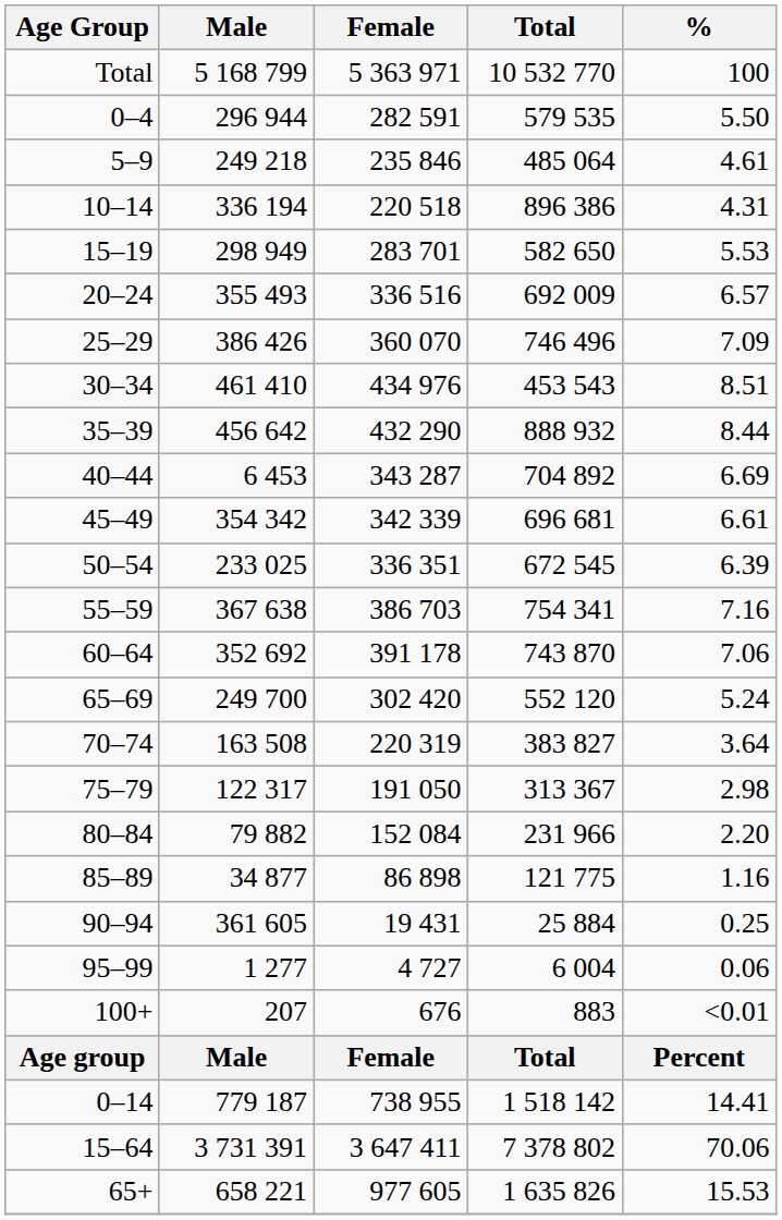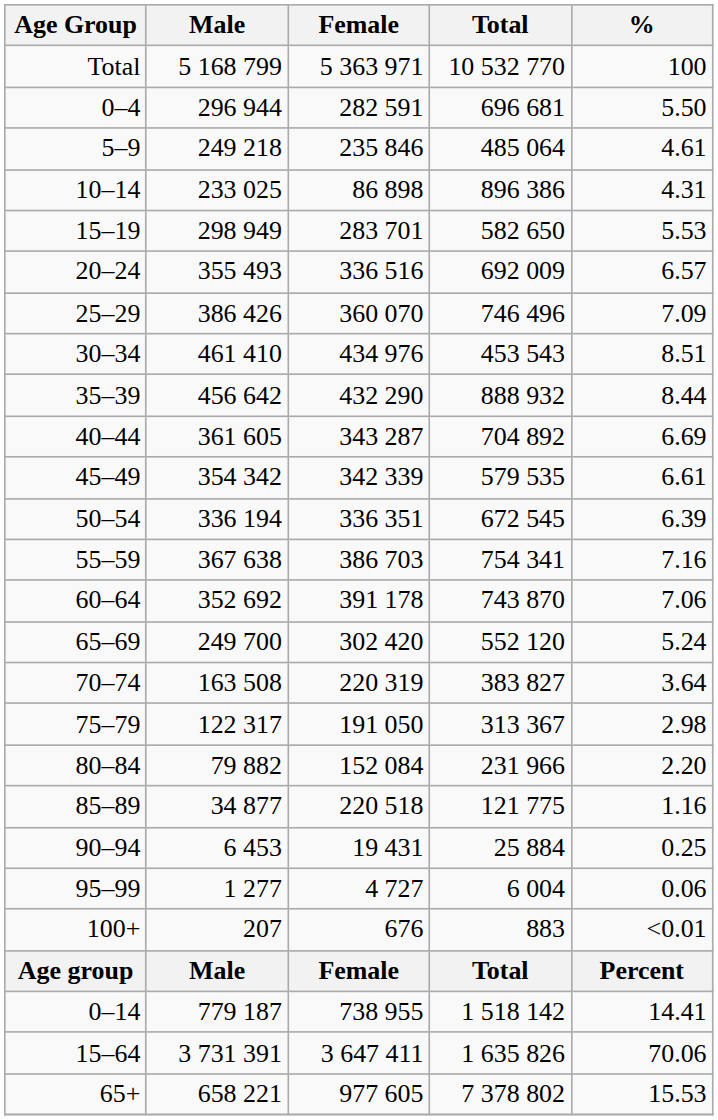 <table class="wikitable">
 <tr>
 <th width="80pt">Age Group</th>
 <th width="80pt">Male</th>
 <th width="80pt">Female</th>
 <th width="80pt">Total</th>
 <th width="80pt">%</th>
 </tr>
 <tr>
 <td align="right">Total</td>
 <td align="right">5 168 799</td>
 <td align="right">5 363 971</td>
 <td align="right">10 532 770</td>
 <td align="right">100</td>
 </tr>
 <tr>
 <td align="right">0–4</td>
 <td align="right">296 944</td>
 <td align="right">282 591</td>
-<td align="right">579 535</td>
+<td align="right">696 681</td>
 <td align="right">5.50</td>
 </tr>
 <tr>
 <td align="right">5–9</td>
 <td align="right">249 218</td>
 <td align="right">235 846</td>
 <td align="right">485 064</td>
 <td align="right">4.61</td>
 </tr>
 <tr>
 <td align="right">10–14</td>
-<td align="right">336 194</td>
-<td align="right">220 518</td>
+<td align="right">233 025</td>
+<td align="right">86 898</td>
 <td align="right">896 386</td>
 <td align="right">4.31</td>
 </tr>
 <tr>
 <td align="right">15–19</td>
 <td align="right">298 949</td>
 <td align="right">283 701</td>
 <td align="right">582 650</td>
 <td align="right">5.53</td>
 </tr>
 <tr>
 <td align="right">20–24</td>
 <td align="right">355 493</td>
 <td align="right">336 516</td>
 <td align="right">692 009</td>
 <td align="right">6.57</td>
 </tr>
 <tr>
 <td align="right">25–29</td>
 <td align="right">386 426</td>
 <td align="right">360 070</td>
 <td align="right">746 496</td>
 <td align="right">7.09</td>
 </tr>
 <tr>
 <td align="right">30–34</td>
 <td align="right">461 410</td>
 <td align="right">434 976</td>
 <td align="right">453 543</td>
 <td align="right">8.51</td>
 </tr>
 <tr>
 <td align="right">35–39</td>
 <td align="right">456 642</td>
 <td align="right">432 290</td>
 <td align="right">888 932</td>
 <td align="right">8.44</td>
 </tr>
 <tr>
 <td align="right">40–44</td>
-<td align="right">6 453</td>
+<td align="right">361 605</td>
 <td align="right">343 287</td>
 <td align="right">704 892</td>
 <td align="right">6.69</td>
 </tr>
 <tr>
 <td align="right">45–49</td>
 <td align="right">354 342</td>
 <td align="right">342 339</td>
-<td align="right">696 681</td>
+<td align="right">579 535</td>
 <td align="right">6.61</td>
 </tr>
 <tr>
 <td align="right">50–54</td>
-<td align="right">233 025</td>
+<td align="right">336 194</td>
 <td align="right">336 351</td>
 <td align="right">672 545</td>
 <td align="right">6.39</td>
 </tr>
 <tr>
 <td align="right">55–59</td>
 <td align="right">367 638</td>
 <td align="right">386 703</td>
 <td align="right">754 341</td>
 <td align="right">7.16</td>
 </tr>
 <tr>
 <td align="right">60–64</td>
 <td align="right">352 692</td>
 <td align="right">391 178</td>
 <td align="right">743 870</td>
 <td align="right">7.06</td>
 </tr>
 <tr>
 <td align="right">65–69</td>
 <td align="right">249 700</td>
 <td align="right">302 420</td>
 <td align="right">552 120</td>
 <td align="right">5.24</td>
 </tr>
 <tr>
 <td align="right">70–74</td>
 <td align="right">163 508</td>
 <td align="right">220 319</td>
 <td align="right">383 827</td>
 <td align="right">3.64</td>
 </tr>
 <tr>
 <td align="right">75–79</td>
 <td align="right">122 317</td>
 <td align="right">191 050</td>
 <td align="right">313 367</td>
 <td align="right">2.98</td>
 </tr>
 <tr>
 <td align="right">80–84</td>
 <td align="right">79 882</td>
 <td align="right">152 084</td>
 <td align="right">231 966</td>
 <td align="right">2.20</td>
 </tr>
 <tr>
 <td align="right">85–89</td>
 <td align="right">34 877</td>
-<td align="right">86 898</td>
+<td align="right">220 518</td>
 <td align="right">121 775</td>
 <td align="right">1.16</td>
 </tr>
 <tr>
 <td align="right">90–94</td>
-<td align="right">361 605</td>
+<td align="right">6 453</td>
 <td align="right">19 431</td>
 <td align="right">25 884</td>
 <td align="right">0.25</td>
 </tr>
 <tr>
 <td align="right">95–99</td>
 <td align="right">1 277</td>
 <td align="right">4 727</td>
 <td align="right">6 004</td>
 <td align="right">0.06</td>
 </tr>
 <tr>
 <td align="right">100+</td>
 <td align="right">207</td>
 <td align="right">676</td>
 <td align="right">883</td>
 <td align="right"><0.01</td>
 </tr>
 <tr>
 <th width="50">Age group</th>
 <th width="80pt">Male</th>
 <th width="80">Female</th>
 <th width="80">Total</th>
 <th width="50">Percent</th>
 </tr>
 <tr>
 <td align="right">0–14</td>
 <td align="right">779 187</td>
 <td align="right">738 955</td>
 <td align="right">1 518 142</td>
 <td align="right">14.41</td>
 </tr>
 <tr>
 <td align="right">15–64</td>
 <td align="right">3 731 391</td>
 <td align="right">3 647 411</td>
-<td align="right">7 378 802</td>
+<td align="right">1 635 826</td>
 <td align="right">70.06</td>
 </tr>
 <tr>
 <td align="right">65+</td>
 <td align="right">658 221</td>
 <td align="right">977 605</td>
-<td align="right">1 635 826</td>
+<td align="right">7 378 802</td>
 <td align="right">15.53</td>
 </tr>
 <tr>
 </tr>
 </table>
